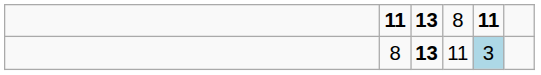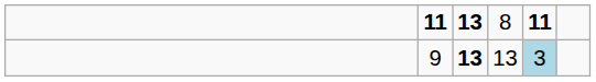 <table class="wikitable">
 <tr>
 <td style="width:18em"><strong></strong></td>
 <td align=center style="width:1em"><strong>11</strong></td>
 <td align=center style="width:1em"><strong>13</strong></td>
 <td align=center style="width:1em">8</td>
 <td align=center style="width:1em"><strong>11</strong></td>
 <td align=center style="width:1em"></td>
 </tr>
 <tr>
 <td style="width:18em"></td>
-<td align=center style="width:1em">8</td>
+<td align=center style="width:1em">9</td>
 <td align=center style="width:1em"><strong>13</strong></td>
-<td align=center style="width:1em">11</td>
+<td align=center style="width:1em">13</td>
 <td align=center style="background: lightblue; width:1em">3</td>
 <td align=center style="width:1em"></td>
 </tr>
 </table>
